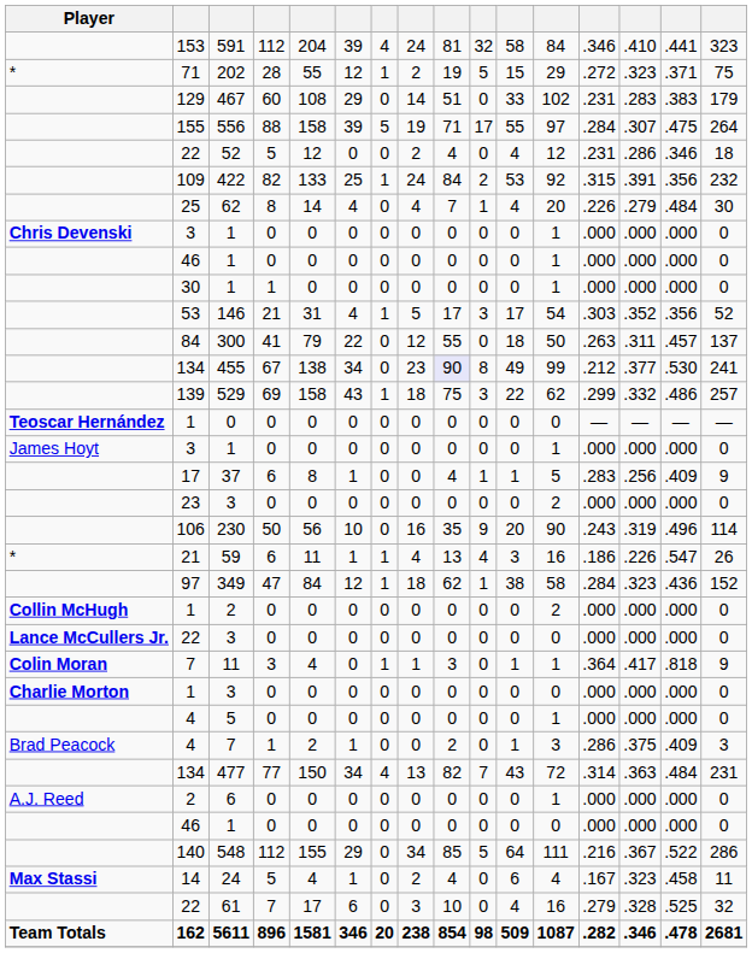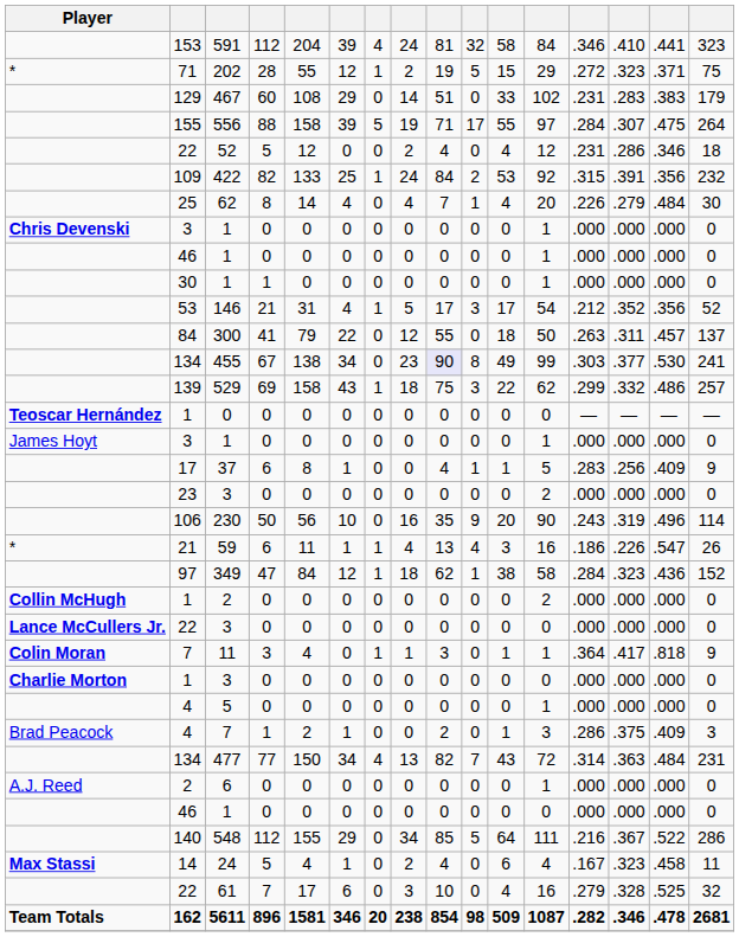 <table class="wikitable sortable" style="text-align:center;">
 <tr>
 <th>Player</th>
 <th></th>
 <th></th>
 <th></th>
 <th></th>
 <th></th>
 <th></th>
 <th></th>
 <th></th>
 <th></th>
 <th></th>
 <th></th>
 <th></th>
 <th></th>
 <th></th>
 <th></th>
 </tr>
 <tr>
 <td align=left><strong></strong></td>
 <td>153</td>
 <td>591</td>
 <td>112</td>
 <td>204</td>
 <td>39</td>
 <td>4</td>
 <td>24</td>
 <td>81</td>
 <td>32</td>
 <td>58</td>
 <td>84</td>
 <td>.346</td>
 <td>.410</td>
 <td>.441</td>
 <td>323</td>
 </tr>
 <tr>
 <td align=left>*</td>
 <td>71</td>
 <td>202</td>
 <td>28</td>
 <td>55</td>
 <td>12</td>
 <td>1</td>
 <td>2</td>
 <td>19</td>
 <td>5</td>
 <td>15</td>
 <td>29</td>
 <td>.272</td>
 <td>.323</td>
 <td>.371</td>
 <td>75</td>
 </tr>
 <tr>
 <td align=left></td>
 <td>129</td>
 <td>467</td>
 <td>60</td>
 <td>108</td>
 <td>29</td>
 <td>0</td>
 <td>14</td>
 <td>51</td>
 <td>0</td>
 <td>33</td>
 <td>102</td>
 <td>.231</td>
 <td>.283</td>
 <td>.383</td>
 <td>179</td>
 </tr>
 <tr>
 <td align=left><strong></strong></td>
 <td>155</td>
 <td>556</td>
 <td>88</td>
 <td>158</td>
 <td>39</td>
 <td>5</td>
 <td>19</td>
 <td>71</td>
 <td>17</td>
 <td>55</td>
 <td>97</td>
 <td>.284</td>
 <td>.307</td>
 <td>.475</td>
 <td>264</td>
 </tr>
 <tr>
 <td align=left></td>
 <td>22</td>
 <td>52</td>
 <td>5</td>
 <td>12</td>
 <td>0</td>
 <td>0</td>
 <td>2</td>
 <td>4</td>
 <td>0</td>
 <td>4</td>
 <td>12</td>
 <td>.231</td>
 <td>.286</td>
 <td>.346</td>
 <td>18</td>
 </tr>
 <tr>
 <td align=left><strong></strong></td>
 <td>109</td>
 <td>422</td>
 <td>82</td>
 <td>133</td>
 <td>25</td>
 <td>1</td>
 <td>24</td>
 <td>84</td>
 <td>2</td>
 <td>53</td>
 <td>92</td>
 <td>.315</td>
 <td>.391</td>
 <td>.356</td>
 <td>232</td>
 </tr>
 <tr>
 <td align=left><strong></strong></td>
 <td>25</td>
 <td>62</td>
 <td>8</td>
 <td>14</td>
 <td>4</td>
 <td>0</td>
 <td>4</td>
 <td>7</td>
 <td>1</td>
 <td>4</td>
 <td>20</td>
 <td>.226</td>
 <td>.279</td>
 <td>.484</td>
 <td>30</td>
 </tr>
 <tr>
 <td align=left><strong><a href='#'>Chris Devenski</a></strong></td>
 <td>3</td>
 <td>1</td>
 <td>0</td>
 <td>0</td>
 <td>0</td>
 <td>0</td>
 <td>0</td>
 <td>0</td>
 <td>0</td>
 <td>0</td>
 <td>1</td>
 <td>.000</td>
 <td>.000</td>
 <td>.000</td>
 <td>0</td>
 </tr>
 <tr>
 <td align=left><strong></strong></td>
 <td>46</td>
 <td>1</td>
 <td>0</td>
 <td>0</td>
 <td>0</td>
 <td>0</td>
 <td>0</td>
 <td>0</td>
 <td>0</td>
 <td>0</td>
 <td>1</td>
 <td>.000</td>
 <td>.000</td>
 <td>.000</td>
 <td>0</td>
 </tr>
 <tr>
 <td align=left></td>
 <td>30</td>
 <td>1</td>
 <td>1</td>
 <td>0</td>
 <td>0</td>
 <td>0</td>
 <td>0</td>
 <td>0</td>
 <td>0</td>
 <td>0</td>
 <td>1</td>
 <td>.000</td>
 <td>.000</td>
 <td>.000</td>
 <td>0</td>
 </tr>
 <tr>
 <td align=left></td>
 <td>53</td>
 <td>146</td>
 <td>21</td>
 <td>31</td>
 <td>4</td>
 <td>1</td>
 <td>5</td>
 <td>17</td>
 <td>3</td>
 <td>17</td>
 <td>54</td>
-<td>.303</td>
+<td>.212</td>
 <td>.352</td>
 <td>.356</td>
 <td>52</td>
 </tr>
 <tr>
 <td align=left></td>
 <td>84</td>
 <td>300</td>
 <td>41</td>
 <td>79</td>
 <td>22</td>
 <td>0</td>
 <td>12</td>
 <td>55</td>
 <td>0</td>
 <td>18</td>
 <td>50</td>
 <td>.263</td>
 <td>.311</td>
 <td>.457</td>
 <td>137</td>
 </tr>
 <tr>
 <td align=left><strong></strong></td>
 <td>134</td>
 <td>455</td>
 <td>67</td>
 <td>138</td>
 <td>34</td>
 <td>0</td>
 <td>23</td>
 <td style="background: lavender;">90</td>
 <td>8</td>
 <td>49</td>
 <td>99</td>
-<td>.212</td>
+<td>.303</td>
 <td>.377</td>
 <td>.530</td>
 <td>241</td>
 </tr>
 <tr>
 <td align=left><strong></strong></td>
 <td>139</td>
 <td>529</td>
 <td>69</td>
 <td>158</td>
 <td>43</td>
 <td>1</td>
 <td>18</td>
 <td>75</td>
 <td>3</td>
 <td>22</td>
 <td>62</td>
 <td>.299</td>
 <td>.332</td>
 <td>.486</td>
 <td>257</td>
 </tr>
 <tr>
 <td align=left><strong><a href='#'>Teoscar Hernández</a></strong></td>
 <td>1</td>
 <td>0</td>
 <td>0</td>
 <td>0</td>
 <td>0</td>
 <td>0</td>
 <td>0</td>
 <td>0</td>
 <td>0</td>
 <td>0</td>
 <td>0</td>
 <td>—</td>
 <td>—</td>
 <td>—</td>
 <td>—</td>
 </tr>
 <tr>
 <td align=left><a href='#'>James Hoyt</a></td>
 <td>3</td>
 <td>1</td>
 <td>0</td>
 <td>0</td>
 <td>0</td>
 <td>0</td>
 <td>0</td>
 <td>0</td>
 <td>0</td>
 <td>0</td>
 <td>1</td>
 <td>.000</td>
 <td>.000</td>
 <td>.000</td>
 <td>0</td>
 </tr>
 <tr>
 <td align=left><strong></strong></td>
 <td>17</td>
 <td>37</td>
 <td>6</td>
 <td>8</td>
 <td>1</td>
 <td>0</td>
 <td>0</td>
 <td>4</td>
 <td>1</td>
 <td>1</td>
 <td>5</td>
 <td>.283</td>
 <td>.256</td>
 <td>.409</td>
 <td>9</td>
 </tr>
 <tr>
 <td align=left><strong></strong></td>
 <td>23</td>
 <td>3</td>
 <td>0</td>
 <td>0</td>
 <td>0</td>
 <td>0</td>
 <td>0</td>
 <td>0</td>
 <td>0</td>
 <td>0</td>
 <td>2</td>
 <td>.000</td>
 <td>.000</td>
 <td>.000</td>
 <td>0</td>
 </tr>
 <tr>
 <td align=left><strong></strong></td>
 <td>106</td>
 <td>230</td>
 <td>50</td>
 <td>56</td>
 <td>10</td>
 <td>0</td>
 <td>16</td>
 <td>35</td>
 <td>9</td>
 <td>20</td>
 <td>90</td>
 <td>.243</td>
 <td>.319</td>
 <td>.496</td>
 <td>114</td>
 </tr>
 <tr>
 <td align=left>*</td>
 <td>21</td>
 <td>59</td>
 <td>6</td>
 <td>11</td>
 <td>1</td>
 <td>1</td>
 <td>4</td>
 <td>13</td>
 <td>4</td>
 <td>3</td>
 <td>16</td>
 <td>.186</td>
 <td>.226</td>
 <td>.547</td>
 <td>26</td>
 </tr>
 <tr>
 <td align=left></td>
 <td>97</td>
 <td>349</td>
 <td>47</td>
 <td>84</td>
 <td>12</td>
 <td>1</td>
 <td>18</td>
 <td>62</td>
 <td>1</td>
 <td>38</td>
 <td>58</td>
 <td>.284</td>
 <td>.323</td>
 <td>.436</td>
 <td>152</td>
 </tr>
 <tr>
 <td align=left><strong><a href='#'>Collin McHugh</a></strong></td>
 <td>1</td>
 <td>2</td>
 <td>0</td>
 <td>0</td>
 <td>0</td>
 <td>0</td>
 <td>0</td>
 <td>0</td>
 <td>0</td>
 <td>0</td>
 <td>2</td>
 <td>.000</td>
 <td>.000</td>
 <td>.000</td>
 <td>0</td>
 </tr>
 <tr>
 <td align=left><strong><a href='#'>Lance McCullers Jr.</a></strong></td>
 <td>22</td>
 <td>3</td>
 <td>0</td>
 <td>0</td>
 <td>0</td>
 <td>0</td>
 <td>0</td>
 <td>0</td>
 <td>0</td>
 <td>0</td>
 <td>0</td>
 <td>.000</td>
 <td>.000</td>
 <td>.000</td>
 <td>0</td>
 </tr>
 <tr>
 <td align=left><strong><a href='#'>Colin Moran</a></strong></td>
 <td>7</td>
 <td>11</td>
 <td>3</td>
 <td>4</td>
 <td>0</td>
 <td>1</td>
 <td>1</td>
 <td>3</td>
 <td>0</td>
 <td>1</td>
 <td>1</td>
 <td>.364</td>
 <td>.417</td>
 <td>.818</td>
 <td>9</td>
 </tr>
 <tr>
 <td align=left><strong><a href='#'>Charlie Morton</a></strong></td>
 <td>1</td>
 <td>3</td>
 <td>0</td>
 <td>0</td>
 <td>0</td>
 <td>0</td>
 <td>0</td>
 <td>0</td>
 <td>0</td>
 <td>0</td>
 <td>0</td>
 <td>.000</td>
 <td>.000</td>
 <td>.000</td>
 <td>0</td>
 </tr>
 <tr>
 <td align=left><strong></strong></td>
 <td>4</td>
 <td>5</td>
 <td>0</td>
 <td>0</td>
 <td>0</td>
 <td>0</td>
 <td>0</td>
 <td>0</td>
 <td>0</td>
 <td>0</td>
 <td>1</td>
 <td>.000</td>
 <td>.000</td>
 <td>.000</td>
 <td>0</td>
 </tr>
 <tr>
 <td align=left><a href='#'>Brad Peacock</a></td>
 <td>4</td>
 <td>7</td>
 <td>1</td>
 <td>2</td>
 <td>1</td>
 <td>0</td>
 <td>0</td>
 <td>2</td>
 <td>0</td>
 <td>1</td>
 <td>3</td>
 <td>.286</td>
 <td>.375</td>
 <td>.409</td>
 <td>3</td>
 </tr>
 <tr>
 <td align=left></td>
 <td>134</td>
 <td>477</td>
 <td>77</td>
 <td>150</td>
 <td>34</td>
 <td>4</td>
 <td>13</td>
 <td>82</td>
 <td>7</td>
 <td>43</td>
 <td>72</td>
 <td>.314</td>
 <td>.363</td>
 <td>.484</td>
 <td>231</td>
 </tr>
 <tr>
 <td align=left><a href='#'>A.J. Reed</a></td>
 <td>2</td>
 <td>6</td>
 <td>0</td>
 <td>0</td>
 <td>0</td>
 <td>0</td>
 <td>0</td>
 <td>0</td>
 <td>0</td>
 <td>0</td>
 <td>1</td>
 <td>.000</td>
 <td>.000</td>
 <td>.000</td>
 <td>0</td>
 </tr>
 <tr>
 <td align=left></td>
 <td>46</td>
 <td>1</td>
 <td>0</td>
 <td>0</td>
 <td>0</td>
 <td>0</td>
 <td>0</td>
 <td>0</td>
 <td>0</td>
 <td>0</td>
 <td>0</td>
 <td>.000</td>
 <td>.000</td>
 <td>.000</td>
 <td>0</td>
 </tr>
 <tr>
 <td align=left><strong></strong></td>
 <td>140</td>
 <td>548</td>
 <td>112</td>
 <td>155</td>
 <td>29</td>
 <td>0</td>
 <td>34</td>
 <td>85</td>
 <td>5</td>
 <td>64</td>
 <td>111</td>
 <td>.216</td>
 <td>.367</td>
 <td>.522</td>
 <td>286</td>
 </tr>
 <tr>
 <td align=left><strong><a href='#'>Max Stassi</a></strong></td>
 <td>14</td>
 <td>24</td>
 <td>5</td>
 <td>4</td>
 <td>1</td>
 <td>0</td>
 <td>2</td>
 <td>4</td>
 <td>0</td>
 <td>6</td>
 <td>4</td>
 <td>.167</td>
 <td>.323</td>
 <td>.458</td>
 <td>11</td>
 </tr>
 <tr>
 <td align=left></td>
 <td>22</td>
 <td>61</td>
 <td>7</td>
 <td>17</td>
 <td>6</td>
 <td>0</td>
 <td>3</td>
 <td>10</td>
 <td>0</td>
 <td>4</td>
 <td>16</td>
 <td>.279</td>
 <td>.328</td>
 <td>.525</td>
 <td>32</td>
 </tr>
 <tr>
 <td align=left><strong>Team Totals</strong></td>
 <td><strong>162</strong></td>
 <td><strong>5611</strong></td>
 <td><strong>896</strong></td>
 <td><strong>1581</strong></td>
 <td><strong>346</strong></td>
 <td><strong>20</strong></td>
 <td><strong>238</strong></td>
 <td><strong>854</strong></td>
 <td><strong>98</strong></td>
 <td><strong>509</strong></td>
 <td><strong>1087</strong></td>
 <td><strong>.282</strong></td>
 <td><strong>.346</strong></td>
 <td><strong>.478</strong></td>
 <td><strong>2681</strong></td>
 </tr>
 <tr class="sortbottom|}">
 </tr>
 </table>
